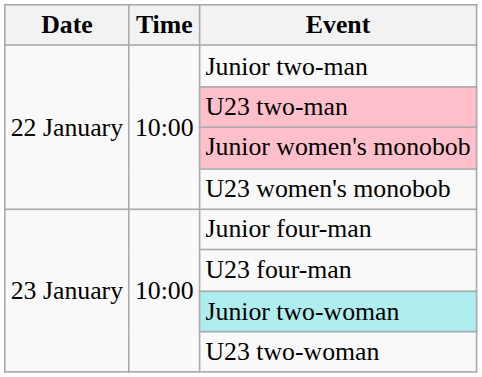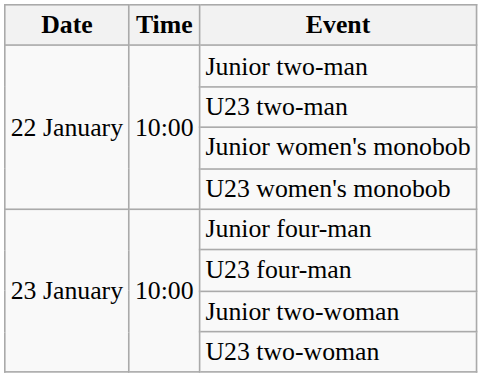 <table class="wikitable">
 <tr>
 <th>Date</th>
 <th>Time</th>
 <th>Event</th>
 </tr>
 <tr>
 <td rowspan=4>22 January</td>
 <td rowspan=4>10:00</td>
 <td>Junior two-man</td>
 </tr>
 <tr>
-<td style="background: pink;">U23 two-man</td>
+<td>U23 two-man</td>
 </tr>
 <tr>
-<td style="background: pink;">Junior women's monobob</td>
+<td>Junior women's monobob</td>
 </tr>
 <tr>
 <td>U23 women's monobob</td>
 </tr>
 <tr>
 <td rowspan=4>23 January</td>
 <td rowspan=4>10:00</td>
 <td>Junior four-man</td>
 </tr>
 <tr>
 <td>U23 four-man</td>
 </tr>
 <tr>
-<td style="background: paleturquoise;">Junior two-woman</td>
+<td>Junior two-woman</td>
 </tr>
 <tr>
 <td>U23 two-woman</td>
 </tr>
 </table>
